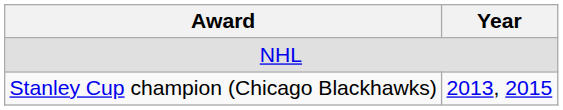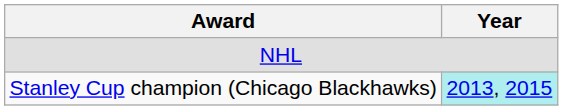 <table class="wikitable">
 <tr>
 <th>Award</th>
 <th>Year</th>
 </tr>
 <tr ALIGN="center" bgcolor="#e0e0e0">
 <td colspan="3"><a href='#'>NHL</a></td>
 </tr>
 <tr>
 <td><a href='#'>Stanley Cup</a> champion (Chicago Blackhawks)</td>
-<td><a href='#'>2013</a>, <a href='#'>2015</a></td>
+<td style="background: paleturquoise;"><a href='#'>2013</a>, <a href='#'>2015</a></td>
 </tr>
 </table>
